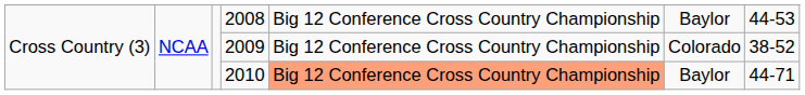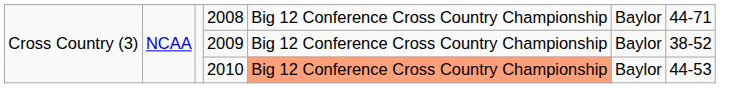 <table class="wikitable">
 <tr align="center">
 </tr>
 <tr align="center">
 <td rowspan="4">Cross Country (3)</td>
 <td rowspan="4"><a href='#'>NCAA</a></td>
 <td rowspan="4"></td>
 </tr>
 <tr align="center">
 <td>2008</td>
 <td>Big 12 Conference Cross Country Championship</td>
 <td>Baylor</td>
-<td>44-53</td>
+<td>44-71</td>
 </tr>
 <tr align="center">
 <td>2009</td>
 <td>Big 12 Conference Cross Country Championship</td>
-<td>Colorado</td>
+<td>Baylor</td>
 <td>38-52</td>
 </tr>
 <tr align="center">
 <td>2010</td>
 <td style="background: lightsalmon;">Big 12 Conference Cross Country Championship</td>
 <td>Baylor</td>
-<td>44-71</td>
+<td>44-53</td>
 </tr>
 </table>
